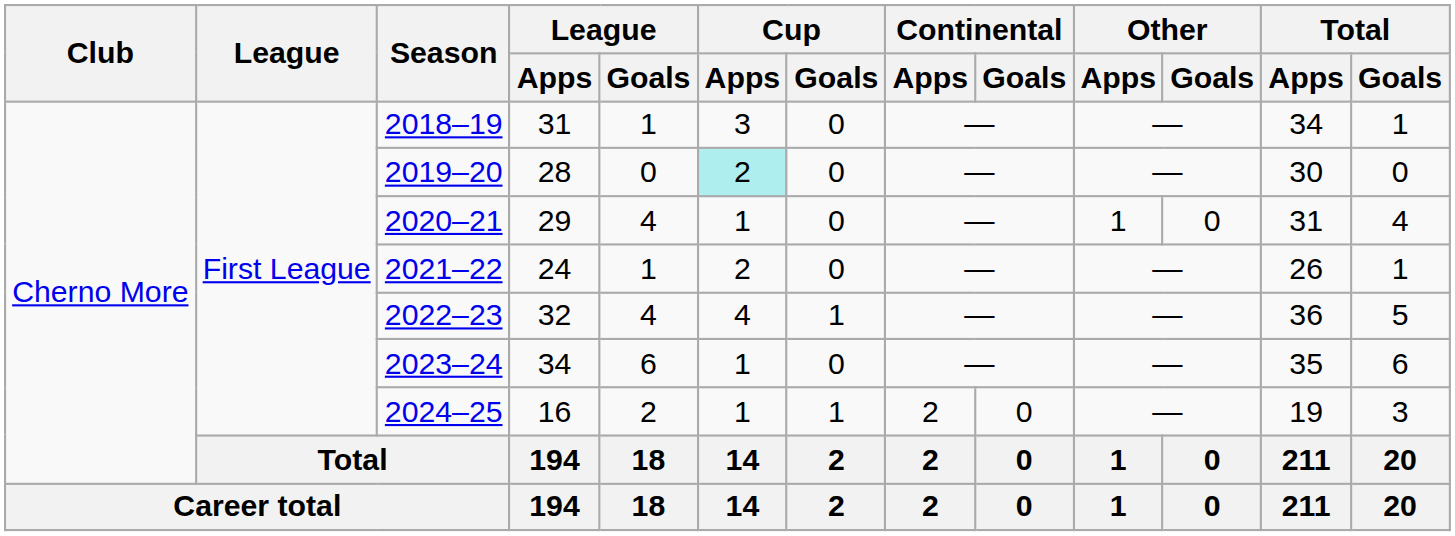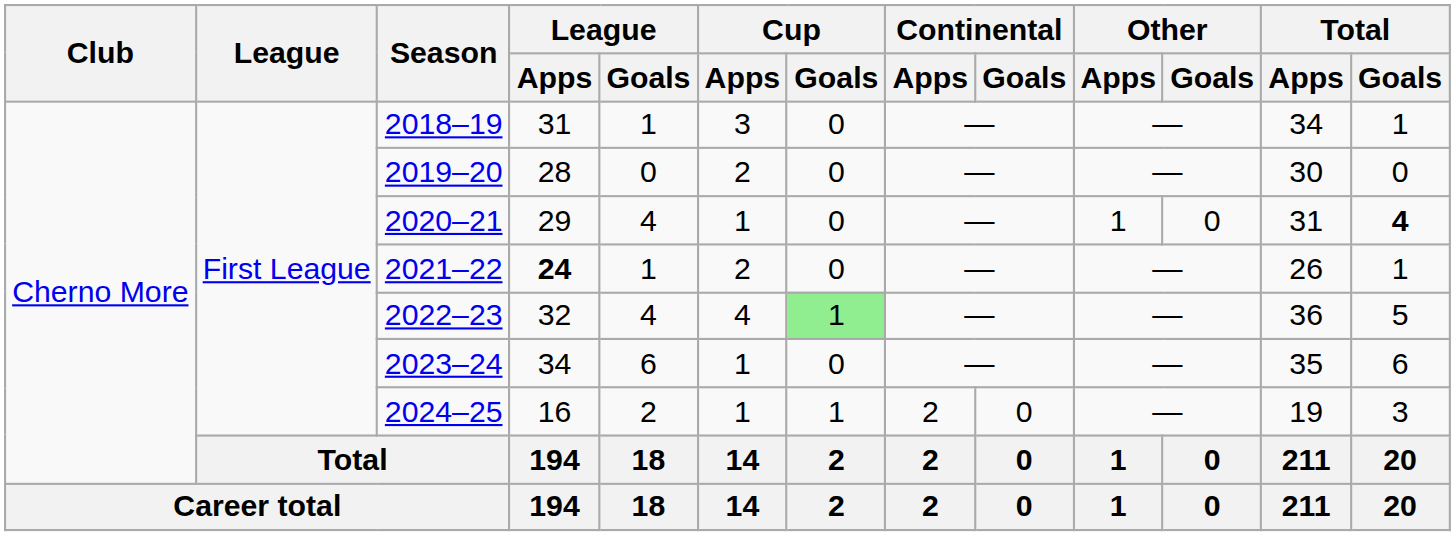 <table class="wikitable" style="font-size:90%; text-align: center">
 <tr>
 <th rowspan=2>Club</th>
 <th rowspan=2>League</th>
 <th rowspan=2>Season</th>
 <th colspan=2>League</th>
 <th colspan=2>Cup</th>
 <th colspan=2>Continental</th>
 <th colspan=2>Other</th>
 <th colspan=2>Total</th>
 </tr>
 <tr>
 <th>Apps</th>
 <th>Goals</th>
 <th>Apps</th>
 <th>Goals</th>
 <th>Apps</th>
 <th>Goals</th>
 <th>Apps</th>
 <th>Goals</th>
 <th>Apps</th>
 <th>Goals</th>
 </tr>
 <tr>
 <td rowspan=8 valign="center"><a href='#'>Cherno More</a></td>
 <td rowspan="7"><a href='#'>First League</a></td>
 <td><a href='#'>2018–19</a></td>
 <td>31</td>
 <td>1</td>
 <td>3</td>
 <td>0</td>
 <td colspan="2">—</td>
 <td colspan="2">—</td>
 <td>34</td>
 <td>1</td>
 </tr>
 <tr>
 <td><a href='#'>2019–20</a></td>
 <td>28</td>
 <td>0</td>
-<td style="background: paleturquoise;">2</td>
+<td>2</td>
 <td>0</td>
 <td colspan="2">—</td>
 <td colspan="2">—</td>
 <td>30</td>
 <td>0</td>
 </tr>
 <tr>
 <td><a href='#'>2020–21</a></td>
 <td>29</td>
 <td>4</td>
 <td>1</td>
 <td>0</td>
 <td colspan="2">—</td>
 <td>1</td>
 <td>0</td>
 <td>31</td>
-<td>4</td>
+<td><strong>4</strong></td>
 </tr>
 <tr>
 <td><a href='#'>2021–22</a></td>
-<td>24</td>
+<td><strong>24</strong></td>
 <td>1</td>
 <td>2</td>
 <td>0</td>
 <td colspan="2">—</td>
 <td colspan="2">—</td>
 <td>26</td>
 <td>1</td>
 </tr>
 <tr>
 <td><a href='#'>2022–23</a></td>
 <td>32</td>
 <td>4</td>
 <td>4</td>
-<td>1</td>
+<td style="background: lightgreen;">1</td>
 <td colspan="2">—</td>
 <td colspan="2">—</td>
 <td>36</td>
 <td>5</td>
 </tr>
 <tr>
 <td><a href='#'>2023–24</a></td>
 <td>34</td>
 <td>6</td>
 <td>1</td>
 <td>0</td>
 <td colspan="2">—</td>
 <td colspan="2">—</td>
 <td>35</td>
 <td>6</td>
 </tr>
 <tr>
 <td><a href='#'>2024–25</a></td>
 <td>16</td>
 <td>2</td>
 <td>1</td>
 <td>1</td>
 <td>2</td>
 <td>0</td>
 <td colspan="2">—</td>
 <td>19</td>
 <td>3</td>
 </tr>
 <tr>
 <th colspan=2>Total</th>
 <th>194</th>
 <th>18</th>
 <th>14</th>
 <th>2</th>
 <th>2</th>
 <th>0</th>
 <th>1</th>
 <th>0</th>
 <th>211</th>
 <th>20</th>
 </tr>
 <tr>
 <th colspan=3>Career total</th>
 <th>194</th>
 <th>18</th>
 <th>14</th>
 <th>2</th>
 <th>2</th>
 <th>0</th>
 <th>1</th>
 <th>0</th>
 <th>211</th>
 <th>20</th>
 </tr>
 </table>
